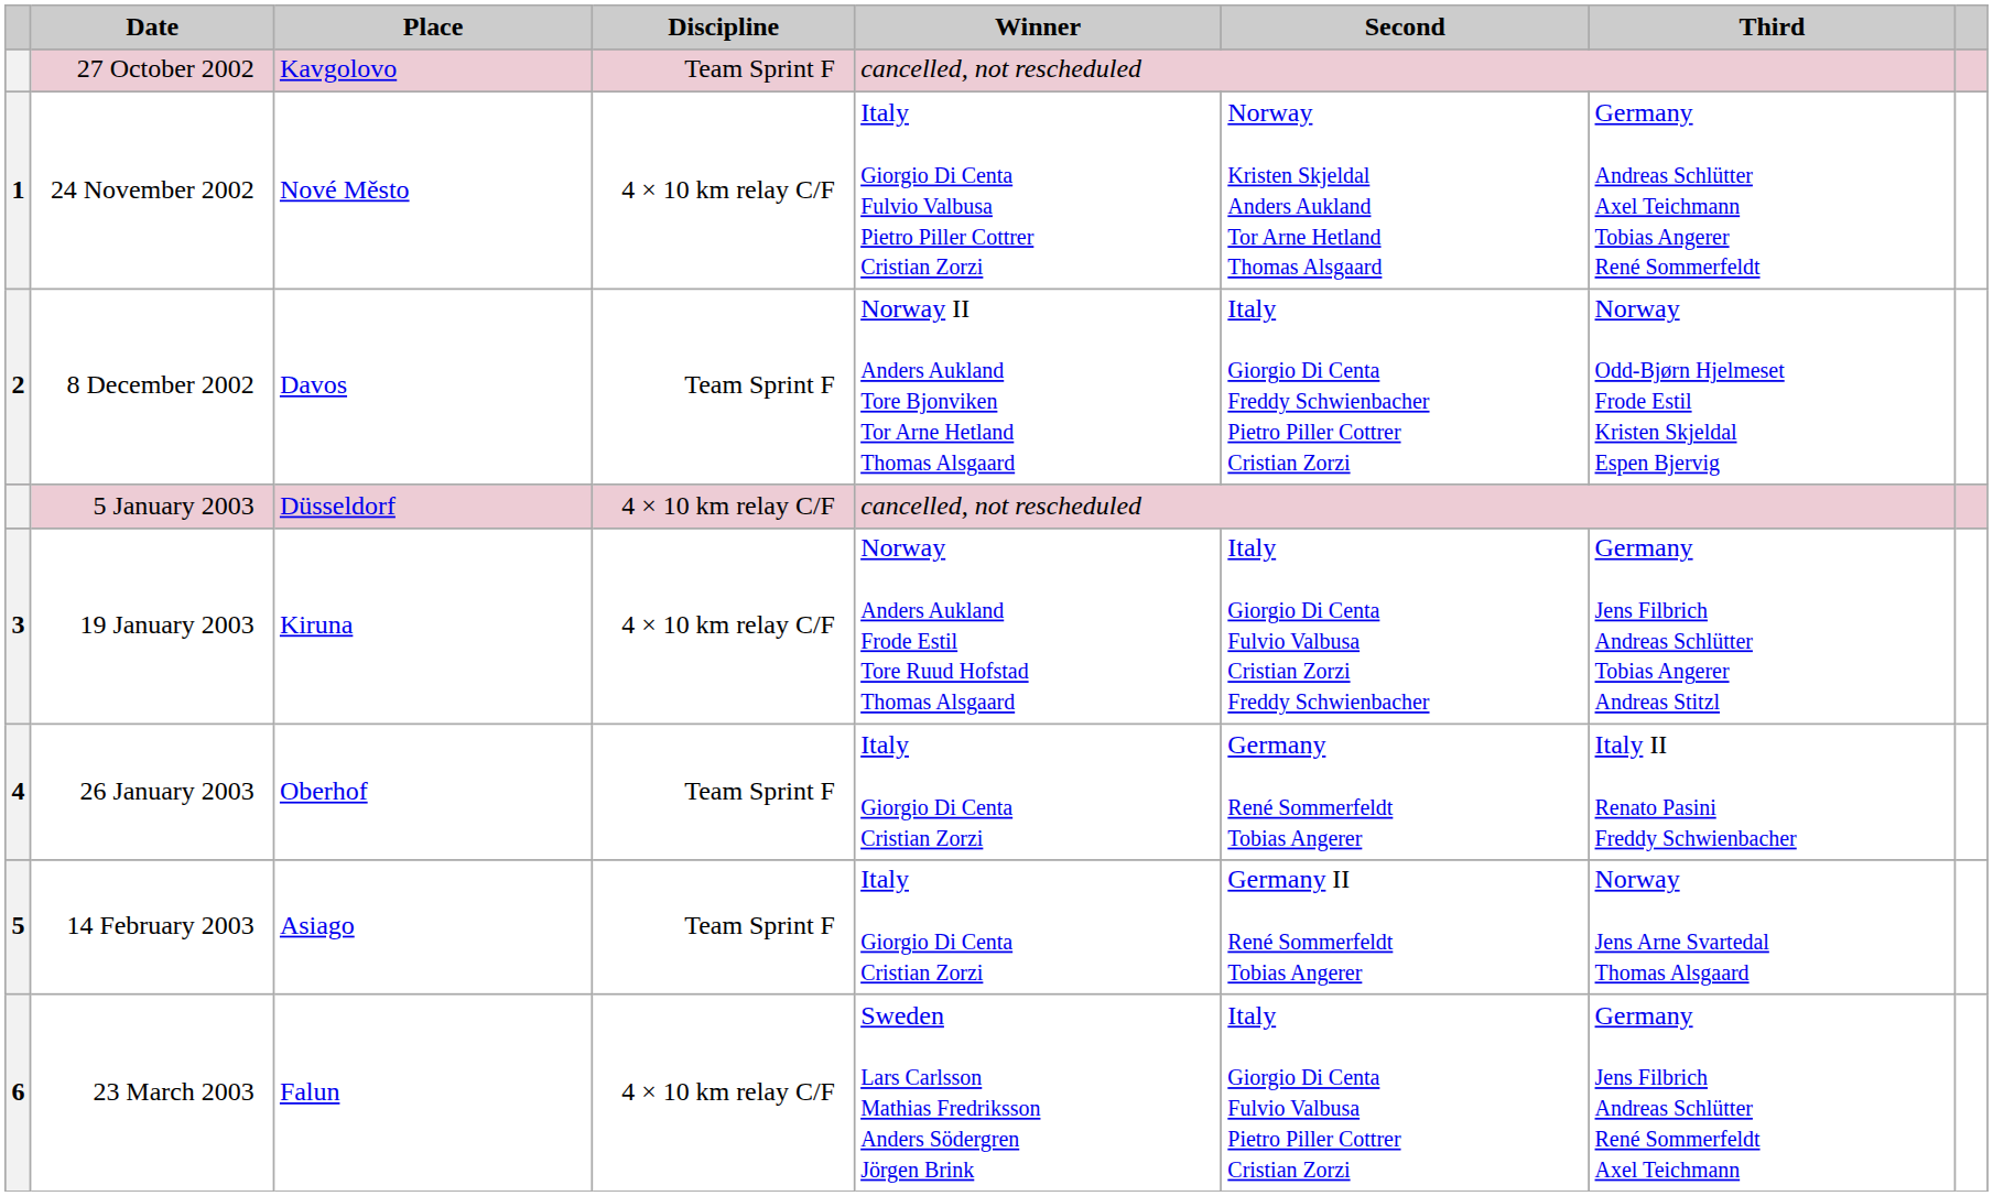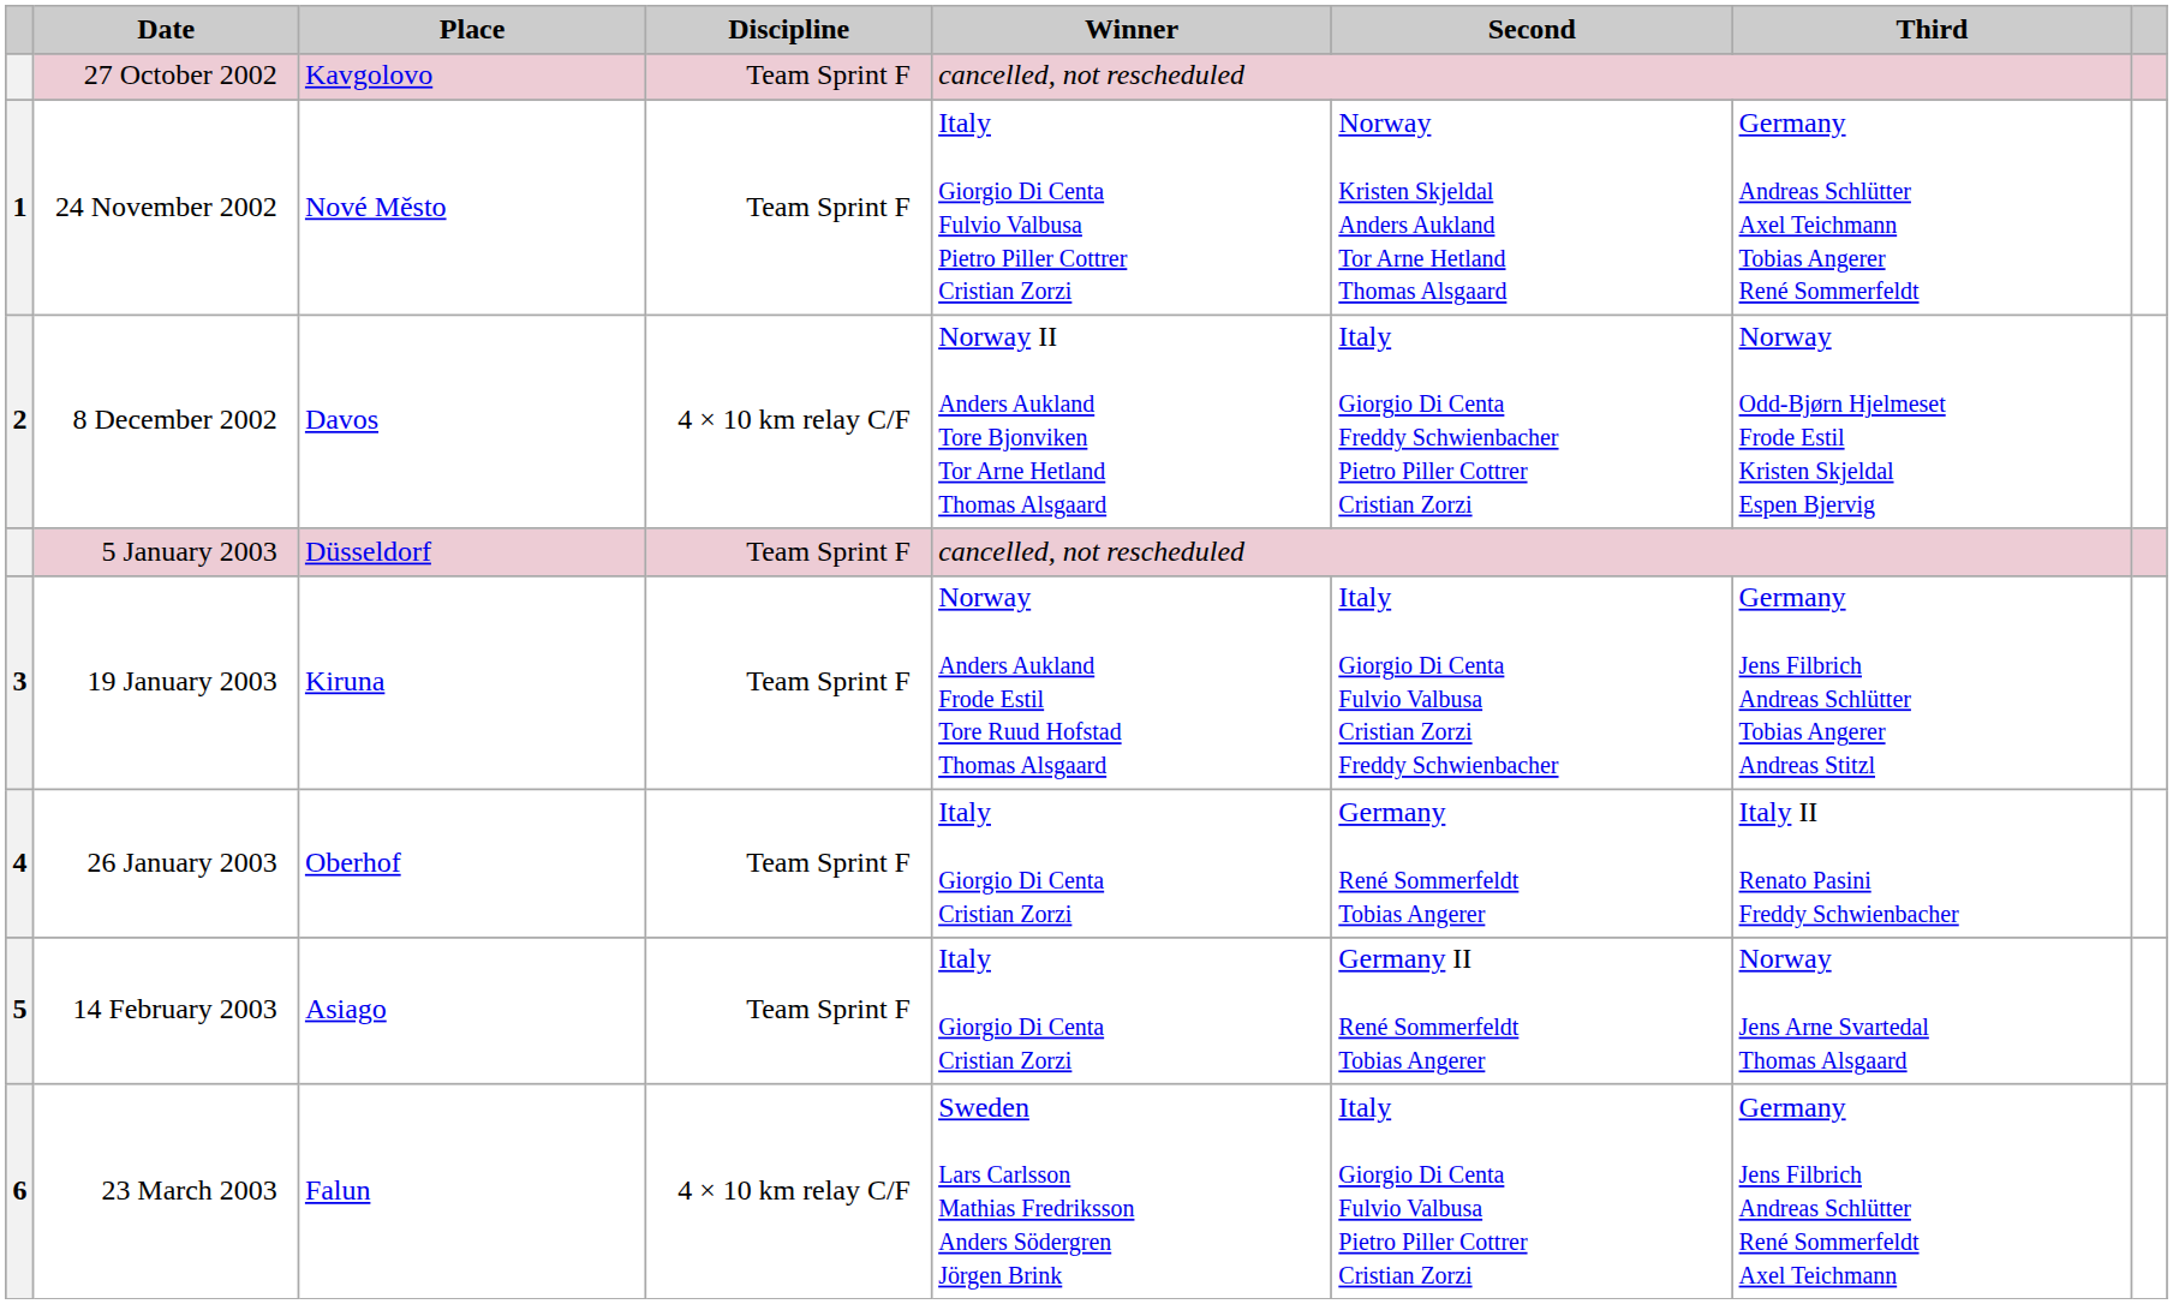 <table class="wikitable plainrowheaders" style="background:#fff; font-size:86%; line-height:16px; border:grey solid 1px; border-collapse:collapse;">
 <tr style="background:#ccc; text-align:center;">
 <th scope="col" style="background:#ccc; width=20 px;"></th>
 <th scope="col" style="background:#ccc; width:120px;">Date</th>
 <th scope="col" style="background:#ccc; width:160px;">Place</th>
 <th scope="col" style="background:#ccc; width:130px;">Discipline</th>
 <th scope="col" style="background:#ccc; width:185px;">Winner</th>
 <th scope="col" style="background:#ccc; width:185px;">Second</th>
 <th scope="col" style="background:#ccc; width:185px;">Third</th>
 <th scope="col" style="background:#ccc; width:10px;"></th>
 </tr>
 <tr bgcolor=#EDCCD5>
 <th></th>
 <td align=right>27 October 2002  </td>
 <td> <a href='#'>Kavgolovo</a></td>
 <td align=right>Team Sprint F  </td>
 <td colspan="3"><em>cancelled, not rescheduled</em></td>
 <td></td>
 </tr>
 <tr>
 <th>1</th>
 <td align=right>24 November 2002  </td>
 <td> <a href='#'>Nové Město</a></td>
-<td align=right>4 × 10 km relay C/F  </td>
+<td align=right>Team Sprint F  </td>
 <td> <a href='#'>Italy</a><br><br><small><a href='#'>Giorgio Di Centa</a></small><br> <small><a href='#'>Fulvio Valbusa</a></small><br> <small><a href='#'>Pietro Piller Cottrer</a></small><br> <small><a href='#'>Cristian Zorzi</a></small></td>
 <td> <a href='#'>Norway</a><br><br><small><a href='#'>Kristen Skjeldal</a></small><br> <small><a href='#'>Anders Aukland</a></small><br> <small><a href='#'>Tor Arne Hetland</a></small><br> <small><a href='#'>Thomas Alsgaard</a></small></td>
 <td> <a href='#'>Germany</a><br><br><small><a href='#'>Andreas Schlütter</a></small><br> <small><a href='#'>Axel Teichmann</a></small><br> <small><a href='#'>Tobias Angerer</a></small><br> <small><a href='#'>René Sommerfeldt</a></small></td>
 <td></td>
 </tr>
 <tr>
 <th>2</th>
 <td align=right>8 December 2002  </td>
 <td> <a href='#'>Davos</a></td>
-<td align=right>Team Sprint F  </td>
+<td align=right>4 × 10 km relay C/F  </td>
 <td> <a href='#'>Norway</a> II<br><br><small><a href='#'>Anders Aukland</a></small><br> <small><a href='#'>Tore Bjonviken</a></small><br> <small><a href='#'>Tor Arne Hetland</a></small><br> <small><a href='#'>Thomas Alsgaard</a></small></td>
 <td> <a href='#'>Italy</a><br><br><small><a href='#'>Giorgio Di Centa</a></small><br> <small><a href='#'>Freddy Schwienbacher</a></small><br> <small><a href='#'>Pietro Piller Cottrer</a></small><br> <small><a href='#'>Cristian Zorzi</a></small></td>
 <td> <a href='#'>Norway</a><br><br><small><a href='#'>Odd-Bjørn Hjelmeset</a></small><br> <small><a href='#'>Frode Estil</a></small><br> <small><a href='#'>Kristen Skjeldal</a></small><br> <small><a href='#'>Espen Bjervig</a></small></td>
 <td></td>
 </tr>
 <tr bgcolor=#EDCCD5>
 <th></th>
 <td align=right>5 January 2003  </td>
 <td> <a href='#'>Düsseldorf</a></td>
-<td align=right>4 × 10 km relay C/F  </td>
+<td align=right>Team Sprint F  </td>
 <td colspan="3"><em>cancelled, not rescheduled</em></td>
 <td></td>
 </tr>
 <tr>
 <th>3</th>
 <td align=right>19 January 2003  </td>
 <td> <a href='#'>Kiruna</a></td>
-<td align=right>4 × 10 km relay C/F  </td>
+<td align=right>Team Sprint F  </td>
 <td> <a href='#'>Norway</a><br><br><small><a href='#'>Anders Aukland</a></small><br> <small><a href='#'>Frode Estil</a></small><br> <small><a href='#'>Tore Ruud Hofstad</a></small><br> <small><a href='#'>Thomas Alsgaard</a></small></td>
 <td> <a href='#'>Italy</a><br><br><small><a href='#'>Giorgio Di Centa</a></small><br> <small><a href='#'>Fulvio Valbusa</a></small><br> <small><a href='#'>Cristian Zorzi</a></small><br> <small><a href='#'>Freddy Schwienbacher</a></small></td>
 <td> <a href='#'>Germany</a><br><br><small><a href='#'>Jens Filbrich</a></small><br> <small><a href='#'>Andreas Schlütter</a></small><br> <small><a href='#'>Tobias Angerer</a></small><br> <small><a href='#'>Andreas Stitzl</a></small></td>
 <td></td>
 </tr>
 <tr>
 <th>4</th>
 <td align=right>26 January 2003  </td>
 <td> <a href='#'>Oberhof</a></td>
 <td align=right>Team Sprint F  </td>
 <td> <a href='#'>Italy</a><br><br><small><a href='#'>Giorgio Di Centa</a></small><br> <small><a href='#'>Cristian Zorzi</a></small></td>
 <td> <a href='#'>Germany</a><br><br><small><a href='#'>René Sommerfeldt</a></small><br> <small><a href='#'>Tobias Angerer</a></small></td>
 <td> <a href='#'>Italy</a> II<br><br><small><a href='#'>Renato Pasini</a></small><br> <small><a href='#'>Freddy Schwienbacher</a></small></td>
 <td></td>
 </tr>
 <tr>
 <th>5</th>
 <td align=right>14 February 2003  </td>
 <td> <a href='#'>Asiago</a></td>
 <td align=right>Team Sprint F  </td>
 <td> <a href='#'>Italy</a><br><br><small><a href='#'>Giorgio Di Centa</a></small><br> <small><a href='#'>Cristian Zorzi</a></small></td>
 <td> <a href='#'>Germany</a> II<br><br><small><a href='#'>René Sommerfeldt</a></small><br> <small><a href='#'>Tobias Angerer</a></small></td>
 <td> <a href='#'>Norway</a><br><br><small><a href='#'>Jens Arne Svartedal</a></small><br> <small><a href='#'>Thomas Alsgaard</a></small></td>
 <td></td>
 </tr>
 <tr>
 <th>6</th>
 <td align=right>23 March 2003  </td>
 <td> <a href='#'>Falun</a></td>
 <td align=right>4 × 10 km relay C/F  </td>
 <td> <a href='#'>Sweden</a><br><br><small><a href='#'>Lars Carlsson</a></small><br> <small><a href='#'>Mathias Fredriksson</a></small><br> <small><a href='#'>Anders Södergren</a></small><br> <small><a href='#'>Jörgen Brink</a></small></td>
 <td> <a href='#'>Italy</a><br><br><small><a href='#'>Giorgio Di Centa</a></small><br> <small><a href='#'>Fulvio Valbusa</a></small><br> <small><a href='#'>Pietro Piller Cottrer</a></small><br> <small><a href='#'>Cristian Zorzi</a></small></td>
 <td> <a href='#'>Germany</a><br><br><small><a href='#'>Jens Filbrich</a></small><br> <small><a href='#'>Andreas Schlütter</a></small><br> <small><a href='#'>René Sommerfeldt</a></small><br> <small><a href='#'>Axel Teichmann</a></small></td>
 <td></td>
 </tr>
 </table>
